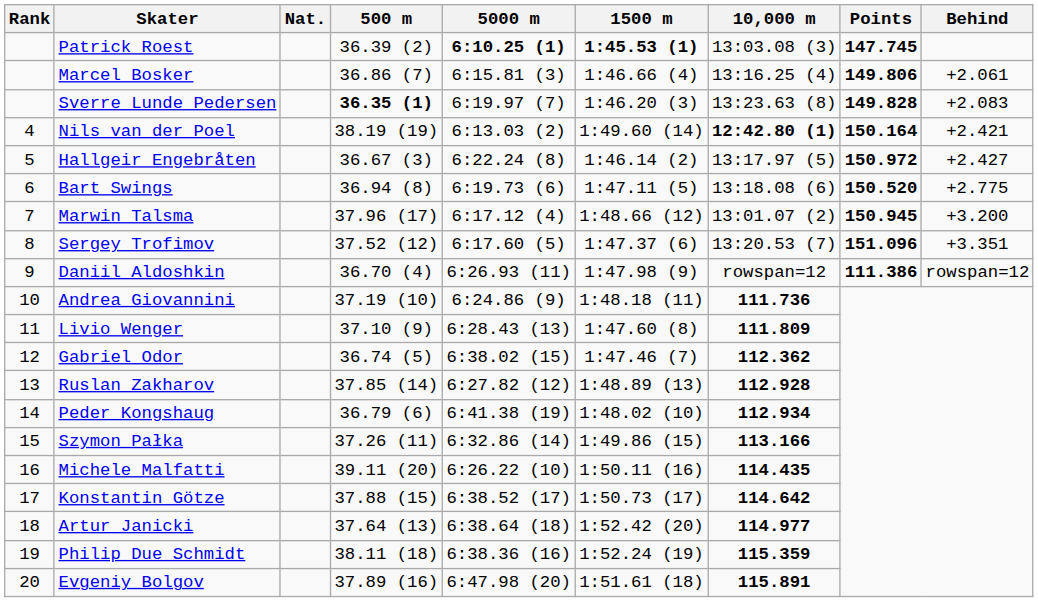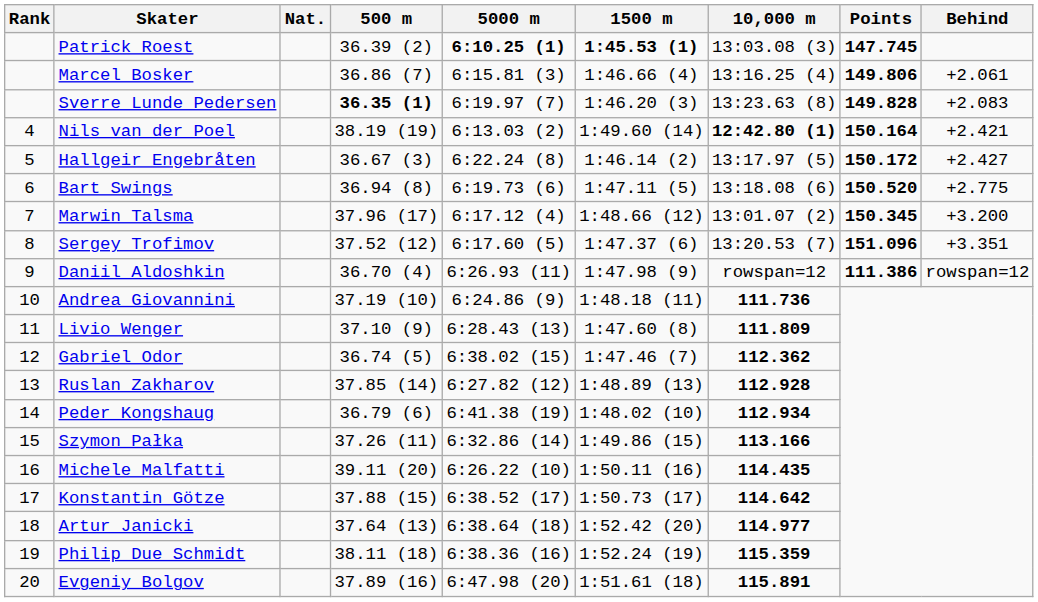 <table class="wikitable sortable" style="text-align:center">
 <tr align=center>
 <th>Rank</th>
 <th>Skater</th>
 <th>Nat.</th>
 <th>500 m</th>
 <th>5000 m</th>
 <th>1500 m</th>
 <th>10,000 m</th>
 <th>Points</th>
 <th>Behind</th>
 </tr>
 <tr>
 <td></td>
 <td align=left><a href='#'>Patrick Roest</a></td>
 <td></td>
 <td>36.39 (2)</td>
 <td><strong>6:10.25 (1)</strong></td>
 <td><strong>1:45.53 (1)</strong></td>
 <td>13:03.08 (3)</td>
 <td><strong>147.745</strong></td>
 <td></td>
 </tr>
 <tr>
 <td></td>
 <td align=left><a href='#'>Marcel Bosker</a></td>
 <td></td>
 <td>36.86 (7)</td>
 <td>6:15.81 (3)</td>
 <td>1:46.66 (4)</td>
 <td>13:16.25 (4)</td>
 <td><strong>149.806</strong></td>
 <td>+2.061</td>
 </tr>
 <tr>
 <td></td>
 <td align=left><a href='#'>Sverre Lunde Pedersen</a></td>
 <td></td>
 <td><strong>36.35 (1)</strong></td>
 <td>6:19.97 (7)</td>
 <td>1:46.20 (3)</td>
 <td>13:23.63 (8)</td>
 <td><strong>149.828</strong></td>
 <td>+2.083</td>
 </tr>
 <tr>
 <td>4</td>
 <td align=left><a href='#'>Nils van der Poel</a></td>
 <td></td>
 <td>38.19 (19)</td>
 <td>6:13.03 (2)</td>
 <td>1:49.60 (14)</td>
 <td><strong>12:42.80 (1)</strong></td>
 <td><strong>150.164</strong></td>
 <td>+2.421</td>
 </tr>
 <tr>
 <td>5</td>
 <td align=left><a href='#'>Hallgeir Engebråten</a></td>
 <td></td>
 <td>36.67 (3)</td>
 <td>6:22.24 (8)</td>
 <td>1:46.14 (2)</td>
 <td>13:17.97 (5)</td>
-<td><strong>150.972</strong></td>
+<td><strong>150.172</strong></td>
 <td>+2.427</td>
 </tr>
 <tr>
 <td>6</td>
 <td align=left><a href='#'>Bart Swings</a></td>
 <td></td>
 <td>36.94 (8)</td>
 <td>6:19.73 (6)</td>
 <td>1:47.11 (5)</td>
 <td>13:18.08 (6)</td>
 <td><strong>150.520</strong></td>
 <td>+2.775</td>
 </tr>
 <tr>
 <td>7</td>
 <td align=left><a href='#'>Marwin Talsma</a></td>
 <td></td>
 <td>37.96 (17)</td>
 <td>6:17.12 (4)</td>
 <td>1:48.66 (12)</td>
 <td>13:01.07 (2)</td>
-<td><strong>150.945</strong></td>
+<td><strong>150.345</strong></td>
 <td>+3.200</td>
 </tr>
 <tr>
 <td>8</td>
 <td align=left><a href='#'>Sergey Trofimov</a></td>
 <td></td>
 <td>37.52 (12)</td>
 <td>6:17.60 (5)</td>
 <td>1:47.37 (6)</td>
 <td>13:20.53 (7)</td>
 <td><strong>151.096</strong></td>
 <td>+3.351</td>
 </tr>
 <tr>
 <td>9</td>
 <td align=left><a href='#'>Daniil Aldoshkin</a></td>
 <td></td>
 <td>36.70 (4)</td>
 <td>6:26.93 (11)</td>
 <td>1:47.98 (9)</td>
 <td>rowspan=12 </td>
 <td><strong>111.386</strong></td>
 <td>rowspan=12 </td>
 </tr>
 <tr>
 <td>10</td>
 <td align=left><a href='#'>Andrea Giovannini</a></td>
 <td></td>
 <td>37.19 (10)</td>
 <td>6:24.86 (9)</td>
 <td>1:48.18 (11)</td>
 <td><strong>111.736</strong></td>
 </tr>
 <tr>
 <td>11</td>
 <td align=left><a href='#'>Livio Wenger</a></td>
 <td></td>
 <td>37.10 (9)</td>
 <td>6:28.43 (13)</td>
 <td>1:47.60 (8)</td>
 <td><strong>111.809</strong></td>
 </tr>
 <tr>
 <td>12</td>
 <td align=left><a href='#'>Gabriel Odor</a></td>
 <td></td>
 <td>36.74 (5)</td>
 <td>6:38.02 (15)</td>
 <td>1:47.46 (7)</td>
 <td><strong>112.362</strong></td>
 </tr>
 <tr>
 <td>13</td>
 <td align=left><a href='#'>Ruslan Zakharov</a></td>
 <td></td>
 <td>37.85 (14)</td>
 <td>6:27.82 (12)</td>
 <td>1:48.89 (13)</td>
 <td><strong>112.928</strong></td>
 </tr>
 <tr>
 <td>14</td>
 <td align=left><a href='#'>Peder Kongshaug</a></td>
 <td></td>
 <td>36.79 (6)</td>
 <td>6:41.38 (19)</td>
 <td>1:48.02 (10)</td>
 <td><strong>112.934</strong></td>
 </tr>
 <tr>
 <td>15</td>
 <td align=left><a href='#'>Szymon Pałka</a></td>
 <td></td>
 <td>37.26 (11)</td>
 <td>6:32.86 (14)</td>
 <td>1:49.86 (15)</td>
 <td><strong>113.166</strong></td>
 </tr>
 <tr>
 <td>16</td>
 <td align=left><a href='#'>Michele Malfatti</a></td>
 <td></td>
 <td>39.11 (20)</td>
 <td>6:26.22 (10)</td>
 <td>1:50.11 (16)</td>
 <td><strong>114.435</strong></td>
 </tr>
 <tr>
 <td>17</td>
 <td align=left><a href='#'>Konstantin Götze</a></td>
 <td></td>
 <td>37.88 (15)</td>
 <td>6:38.52 (17)</td>
 <td>1:50.73 (17)</td>
 <td><strong>114.642</strong></td>
 </tr>
 <tr>
 <td>18</td>
 <td align=left><a href='#'>Artur Janicki</a></td>
 <td></td>
 <td>37.64 (13)</td>
 <td>6:38.64 (18)</td>
 <td>1:52.42 (20)</td>
 <td><strong>114.977</strong></td>
 </tr>
 <tr>
 <td>19</td>
 <td align=left><a href='#'>Philip Due Schmidt</a></td>
 <td></td>
 <td>38.11 (18)</td>
 <td>6:38.36 (16)</td>
 <td>1:52.24 (19)</td>
 <td><strong>115.359</strong></td>
 </tr>
 <tr>
 <td>20</td>
 <td align=left><a href='#'>Evgeniy Bolgov</a></td>
 <td></td>
 <td>37.89 (16)</td>
 <td>6:47.98 (20)</td>
 <td>1:51.61 (18)</td>
 <td><strong>115.891</strong></td>
 </tr>
 </table>
